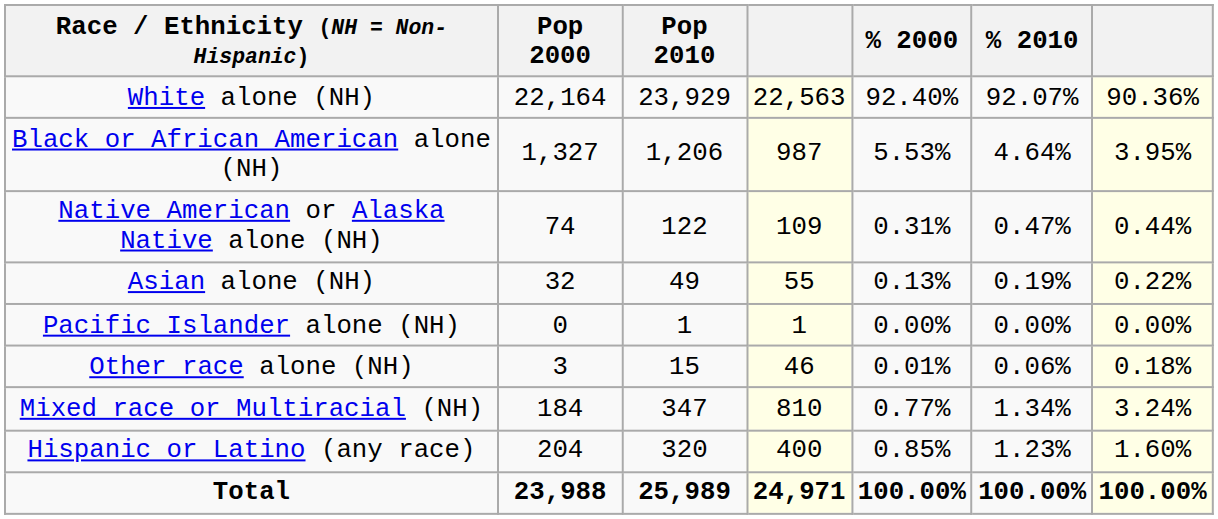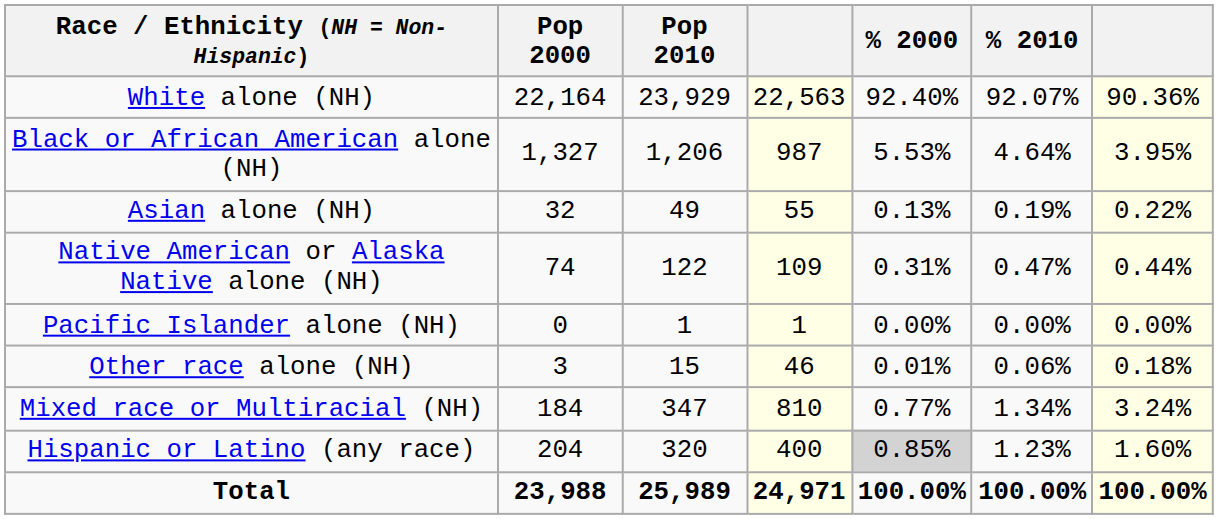 <table class="wikitable" style="text-align:center;">
 <tr>
 <th>Race / Ethnicity <small>(<em>NH = Non-Hispanic</em>)</small></th>
 <th>Pop 2000</th>
 <th>Pop 2010</th>
 <th></th>
 <th>% 2000</th>
 <th>% 2010</th>
 <th></th>
 </tr>
 <tr>
 <td><a href='#'>White</a> alone (NH)</td>
 <td>22,164</td>
 <td>23,929</td>
 <td style='background: #ffffe6;'>22,563</td>
 <td>92.40%</td>
 <td>92.07%</td>
 <td style='background: #ffffe6;'>90.36%</td>
 </tr>
 <tr>
 <td><a href='#'>Black or African American</a> alone (NH)</td>
 <td>1,327</td>
 <td>1,206</td>
 <td style='background: #ffffe6;'>987</td>
 <td>5.53%</td>
 <td>4.64%</td>
 <td style='background: #ffffe6;'>3.95%</td>
 </tr>
 <tr>
+<td><a href='#'>Asian</a> alone (NH)</td>
+<td>32</td>
+<td>49</td>
+<td style='background: #ffffe6;'>55</td>
+<td>0.13%</td>
+<td>0.19%</td>
+<td style='background: #ffffe6;'>0.22%</td>
+</tr>
+<tr>
 <td><a href='#'>Native American</a> or <a href='#'>Alaska Native</a> alone (NH)</td>
 <td>74</td>
 <td>122</td>
 <td style='background: #ffffe6;'>109</td>
 <td>0.31%</td>
 <td>0.47%</td>
 <td style='background: #ffffe6;'>0.44%</td>
-</tr>
-<tr>
-<td><a href='#'>Asian</a> alone (NH)</td>
-<td>32</td>
-<td>49</td>
-<td style='background: #ffffe6;'>55</td>
-<td>0.13%</td>
-<td>0.19%</td>
-<td style='background: #ffffe6;'>0.22%</td>
 </tr>
 <tr>
 <td><a href='#'>Pacific Islander</a> alone (NH)</td>
 <td>0</td>
 <td>1</td>
 <td style='background: #ffffe6;'>1</td>
 <td>0.00%</td>
 <td>0.00%</td>
 <td style='background: #ffffe6;'>0.00%</td>
 </tr>
 <tr>
 <td><a href='#'>Other race</a> alone (NH)</td>
 <td>3</td>
 <td>15</td>
 <td style='background: #ffffe6;'>46</td>
 <td>0.01%</td>
 <td>0.06%</td>
 <td style='background: #ffffe6;'>0.18%</td>
 </tr>
 <tr>
 <td><a href='#'>Mixed race or Multiracial</a> (NH)</td>
 <td>184</td>
 <td>347</td>
 <td style='background: #ffffe6;'>810</td>
 <td>0.77%</td>
 <td>1.34%</td>
 <td style='background: #ffffe6;'>3.24%</td>
 </tr>
 <tr>
 <td><a href='#'>Hispanic or Latino</a> (any race)</td>
 <td>204</td>
 <td>320</td>
 <td style='background: #ffffe6;'>400</td>
-<td>0.85%</td>
+<td style="background: lightgrey;">0.85%</td>
 <td>1.23%</td>
 <td style='background: #ffffe6;'>1.60%</td>
 </tr>
 <tr>
 <td><strong>Total</strong></td>
 <td><strong>23,988</strong></td>
 <td><strong>25,989</strong></td>
 <td style='background: #ffffe6;'><strong>24,971</strong></td>
 <td><strong>100.00%</strong></td>
 <td><strong>100.00%</strong></td>
 <td style='background: #ffffe6;'><strong>100.00%</strong></td>
 </tr>
 </table>
